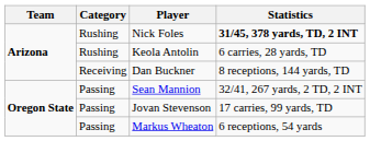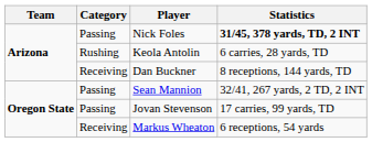 <table class="wikitable" style="float: right;">
 <tr>
 <th>Team</th>
 <th>Category</th>
 <th>Player</th>
 <th>Statistics</th>
 </tr>
 <tr>
 <td rowspan=3><strong>Arizona</strong></td>
-<td>Rushing</td>
+<td>Passing</td>
 <td>Nick Foles</td>
 <td><strong>31/45, 378 yards, TD, 2 INT</strong></td>
 </tr>
 <tr>
 <td>Rushing</td>
 <td>Keola Antolin</td>
 <td>6 carries, 28 yards, TD</td>
 </tr>
 <tr>
 <td>Receiving</td>
 <td>Dan Buckner</td>
 <td>8 receptions, 144 yards, TD</td>
 </tr>
 <tr>
 <td rowspan=3><strong>Oregon State</strong></td>
 <td>Passing</td>
 <td><a href='#'>Sean Mannion</a></td>
 <td>32/41, 267 yards, 2 TD, 2 INT</td>
 </tr>
 <tr>
 <td>Passing</td>
 <td>Jovan Stevenson</td>
 <td>17 carries, 99 yards, TD</td>
 </tr>
 <tr>
-<td>Passing</td>
+<td>Receiving</td>
 <td><a href='#'>Markus Wheaton</a></td>
 <td>6 receptions, 54 yards</td>
 </tr>
 </table>
